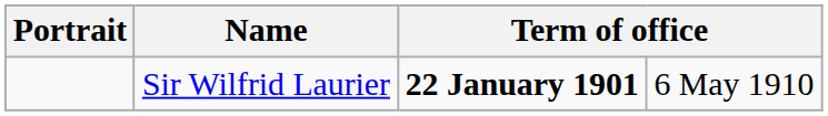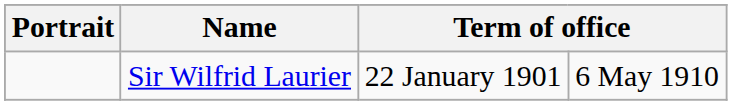 <table class="wikitable">
 <tr>
 <th>Portrait</th>
 <th>Name</th>
 <th colspan=2>Term of office</th>
 </tr>
 <tr>
 <td></td>
 <td><a href='#'>Sir Wilfrid Laurier</a></td>
-<td><strong>22 January 1901</strong></td>
+<td>22 January 1901</td>
 <td>6 May 1910</td>
 </tr>
 </table>
